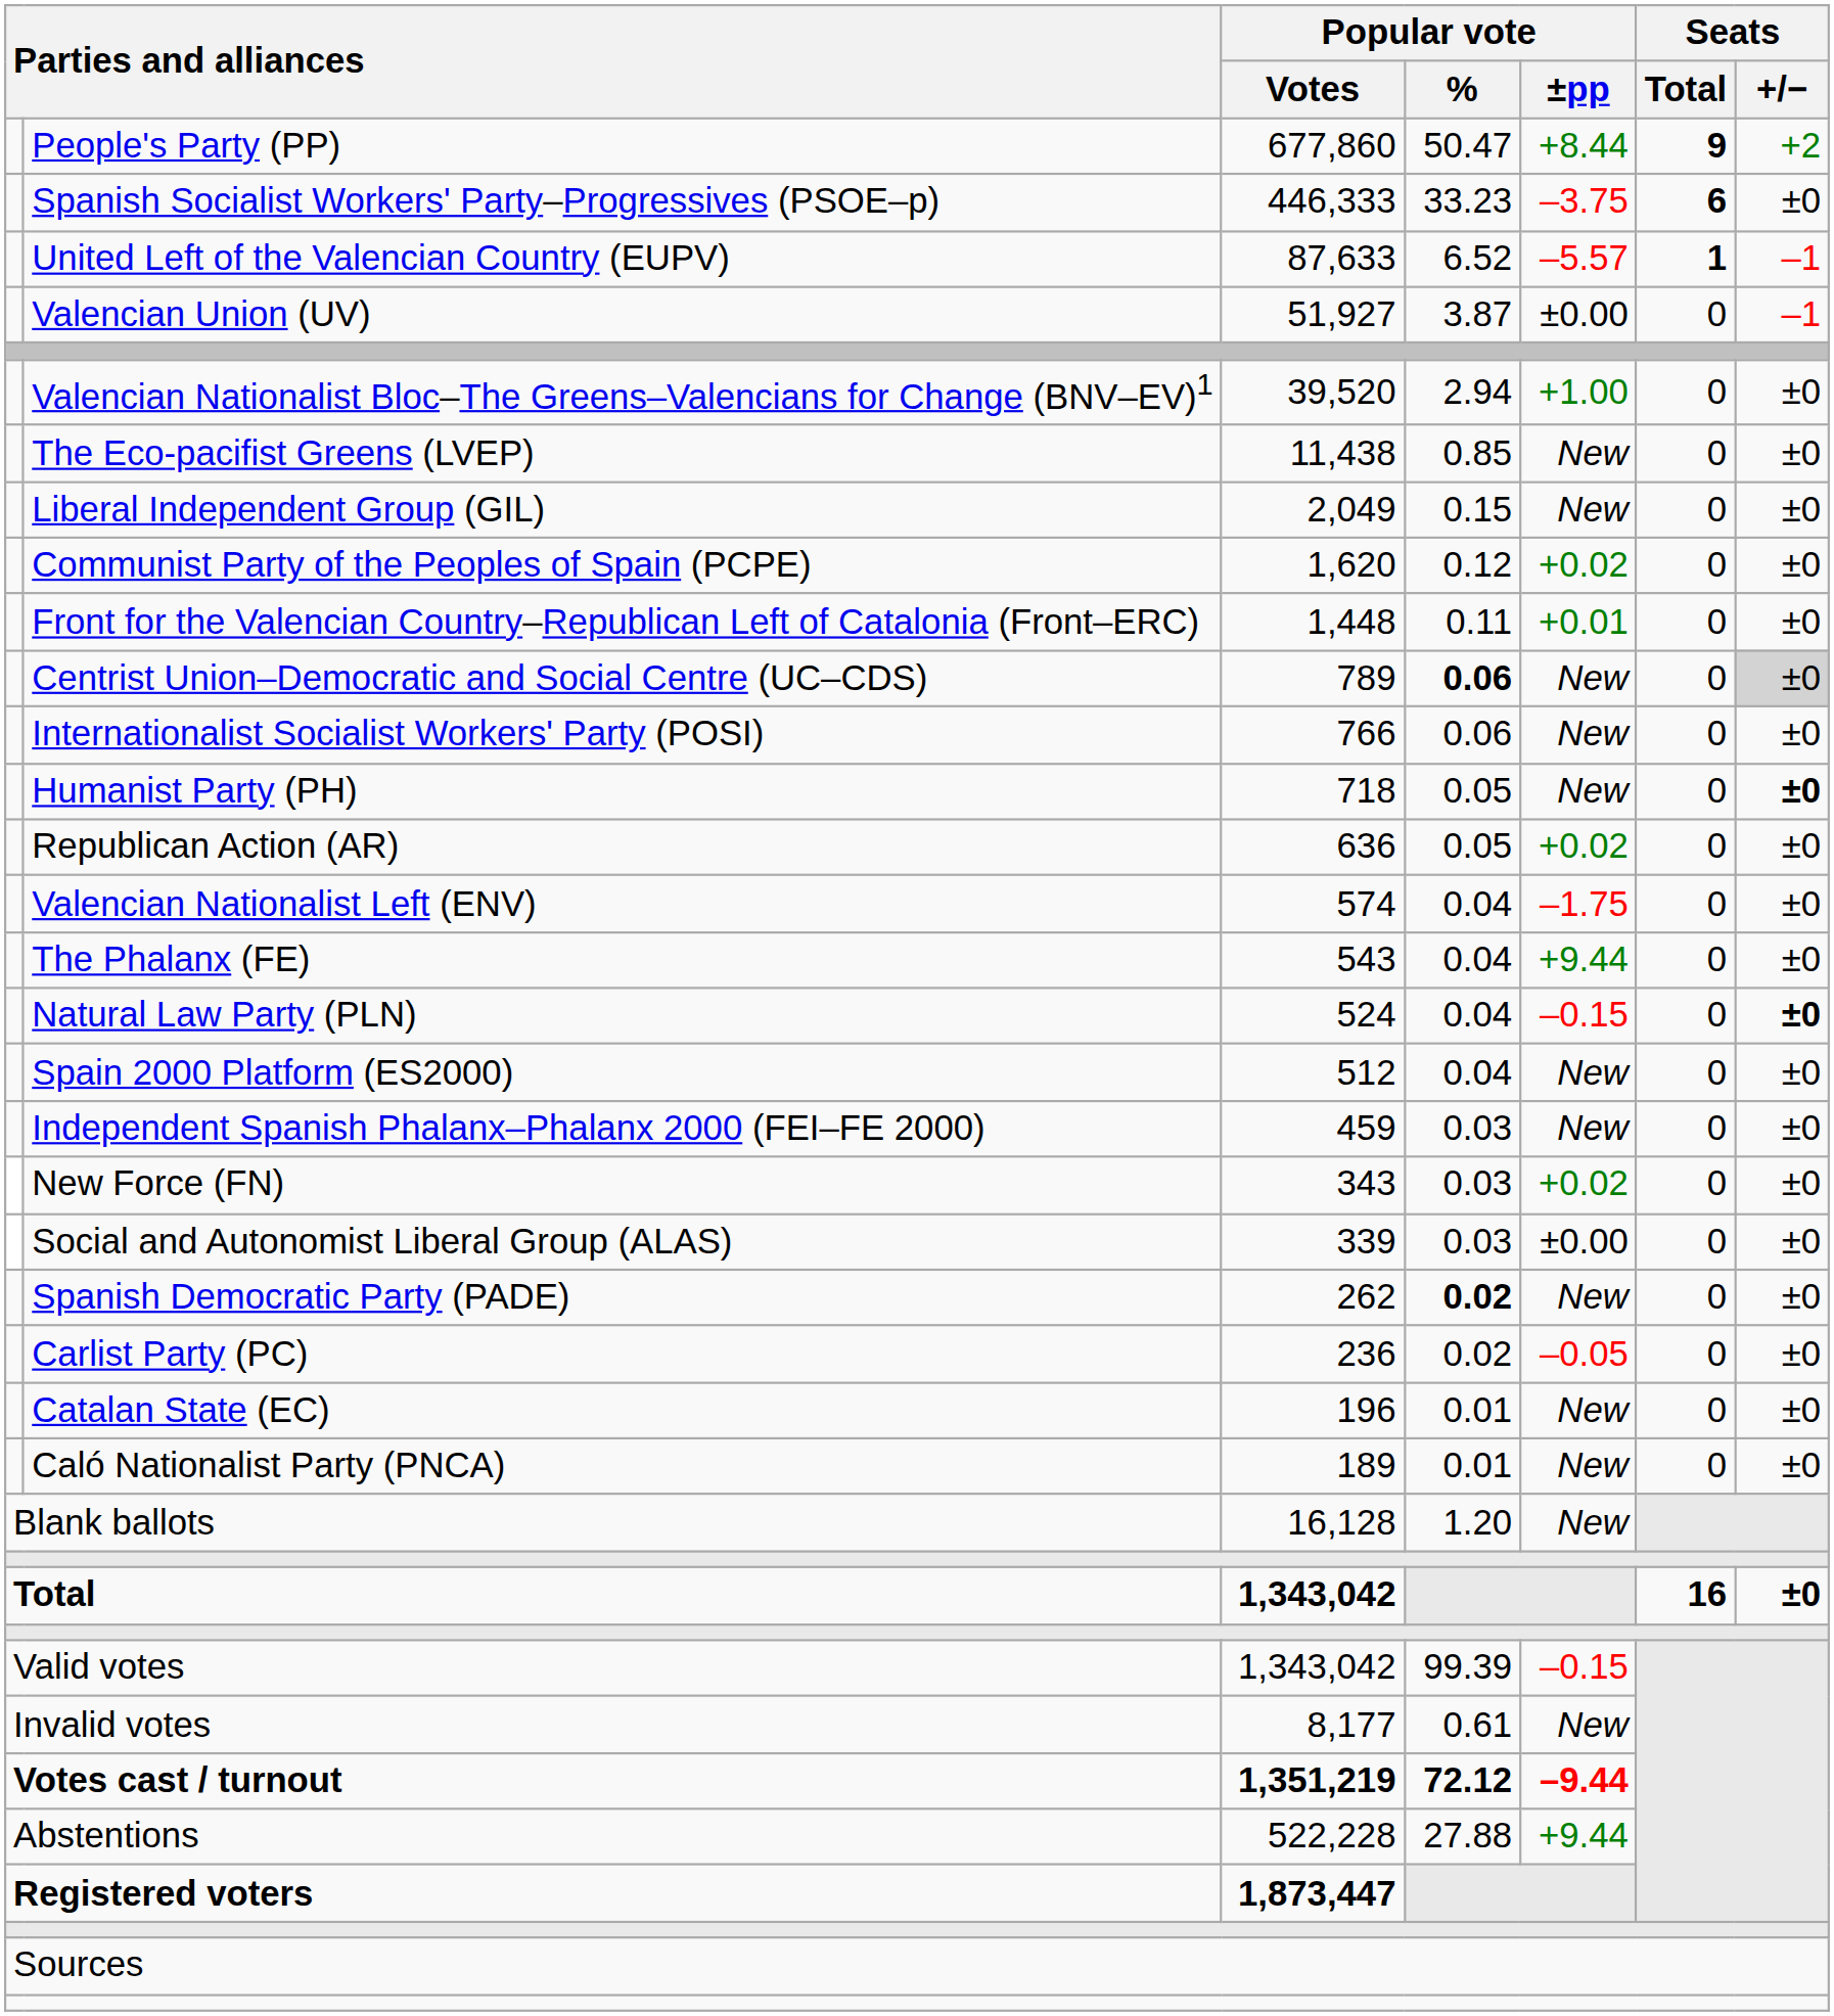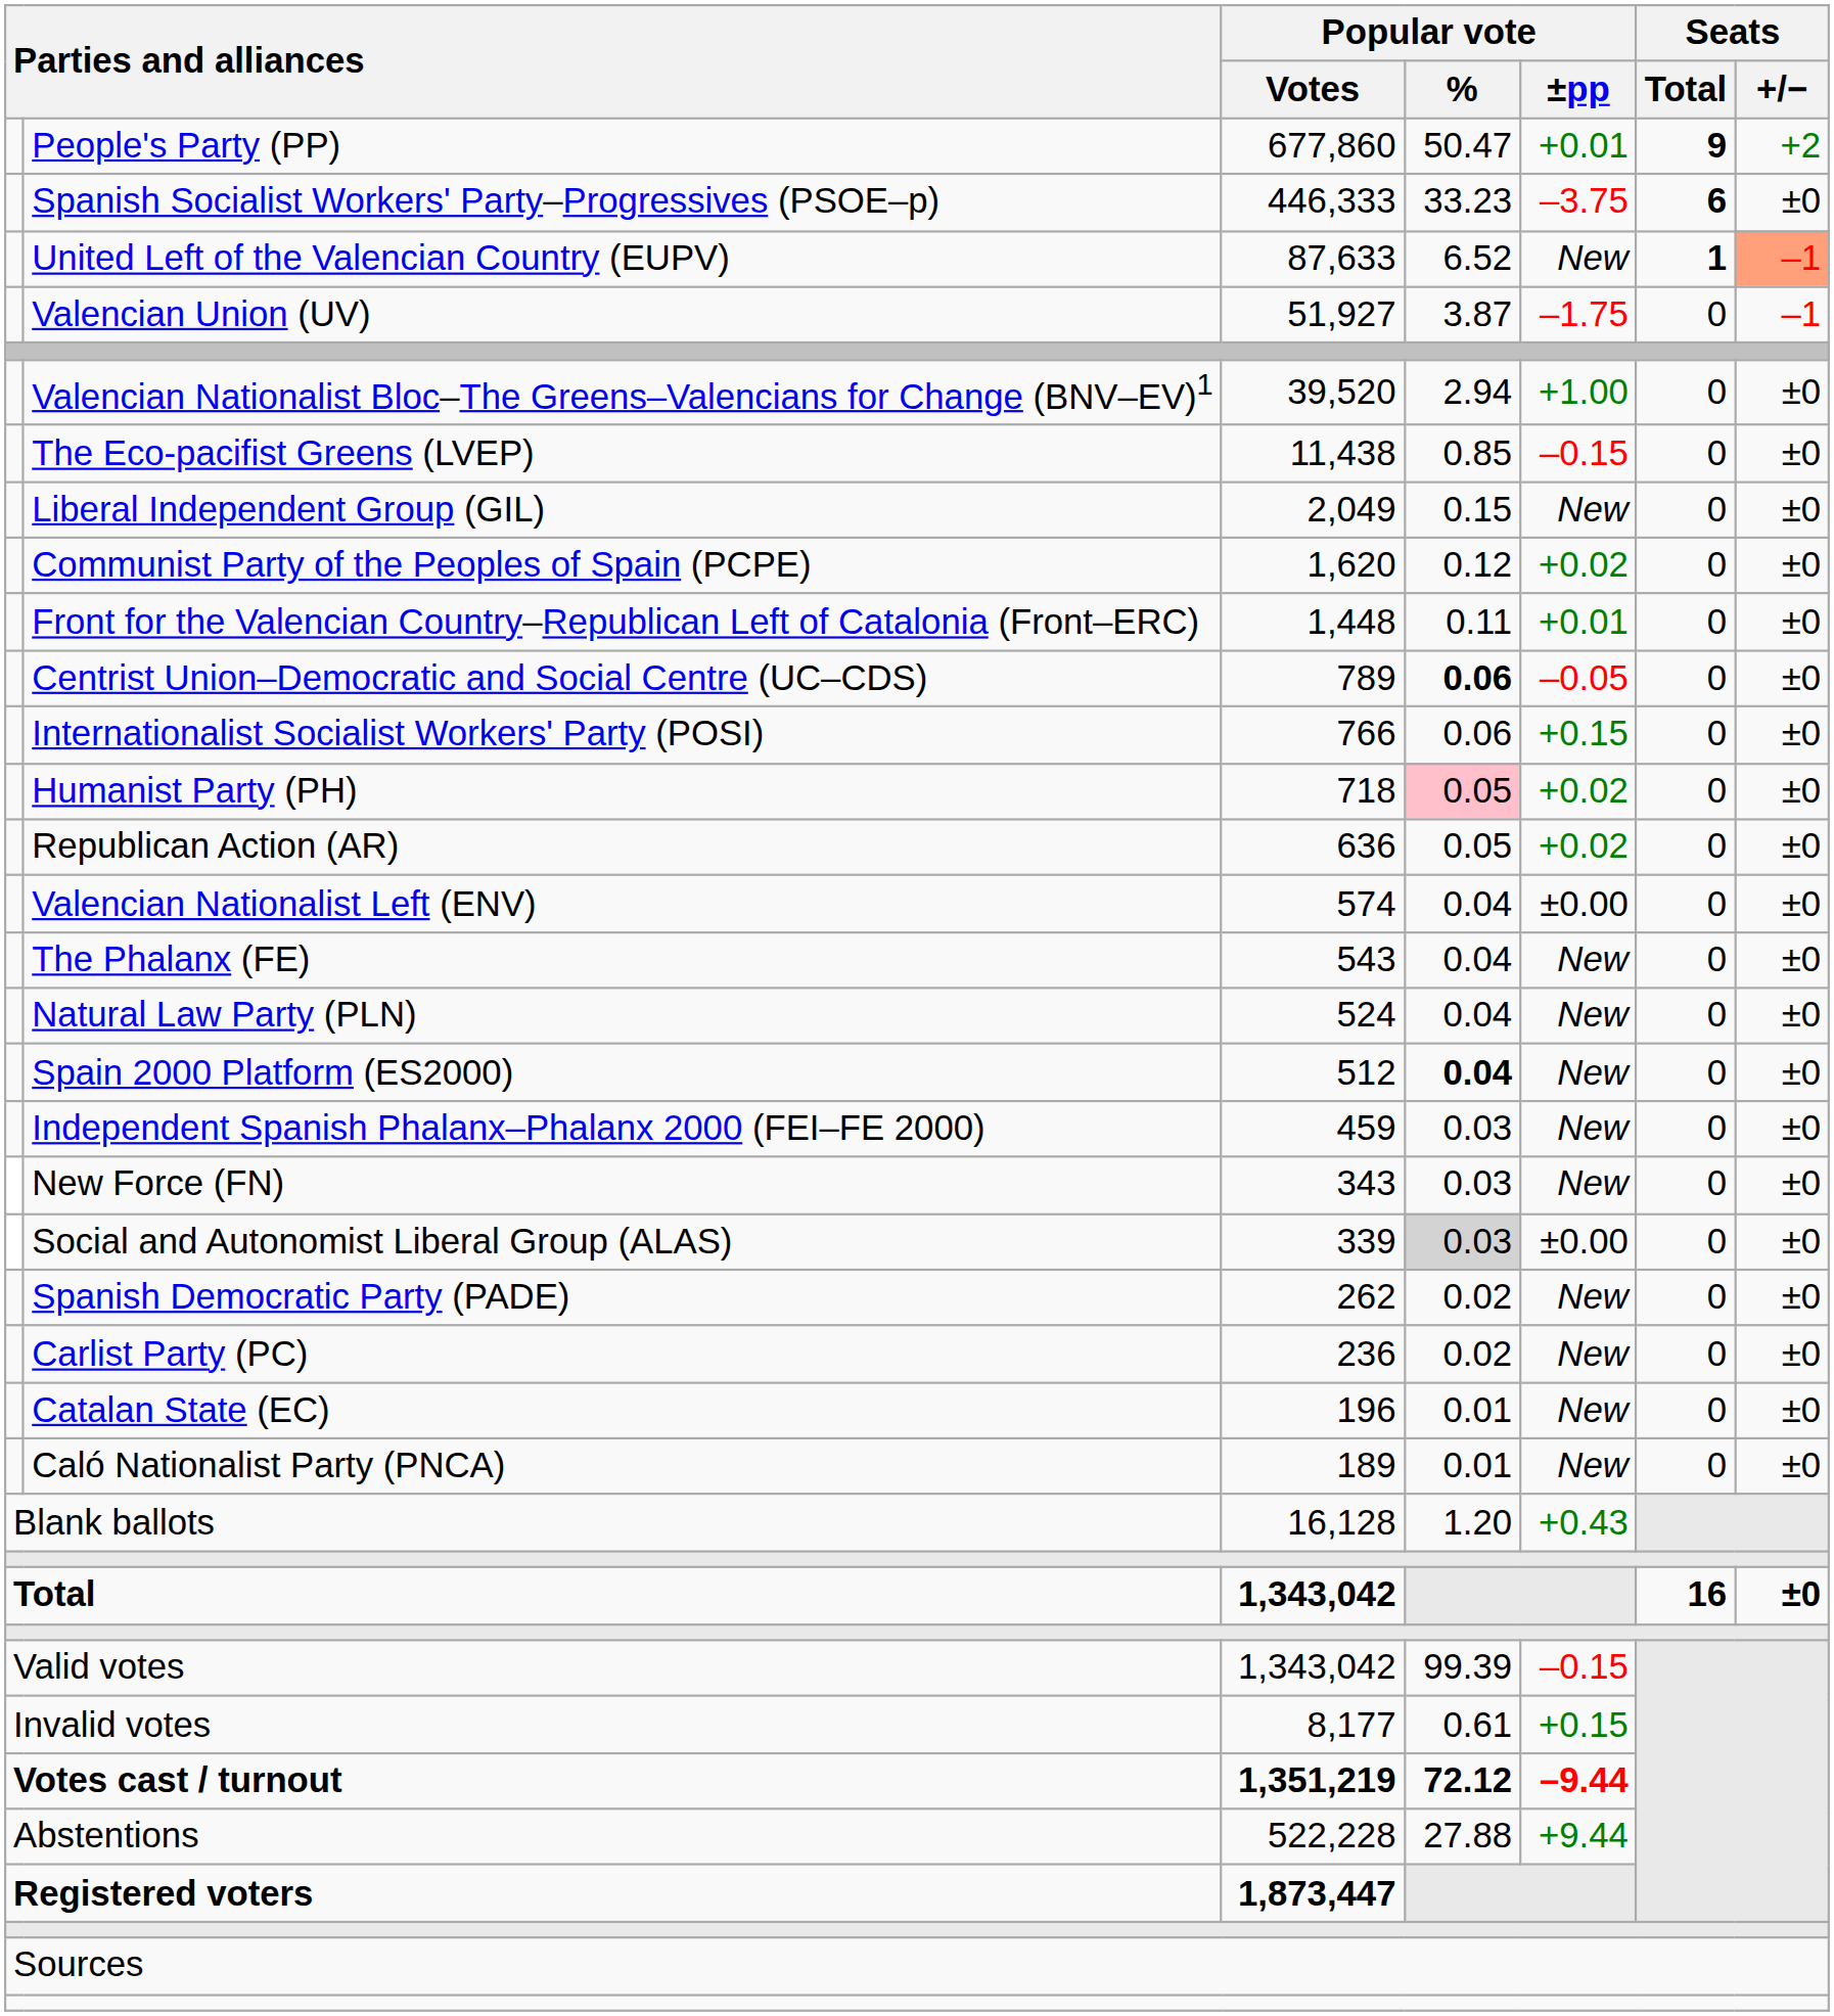 <table class="wikitable" style="text-align:right;">
 <tr>
 <th style="text-align:left;" rowspan="2" colspan="2" width="525">Parties and alliances</th>
 <th colspan="3">Popular vote</th>
 <th colspan="2">Seats</th>
 </tr>
 <tr>
 <th width="75">Votes</th>
 <th width="45">%</th>
 <th width="45">±<a href='#'>pp</a></th>
 <th width="35">Total</th>
 <th width="35">+/−</th>
 </tr>
 <tr>
 <td width="1" style="color:inherit;background:"></td>
 <td align="left"><a href='#'>People's Party</a> (PP)</td>
 <td>677,860</td>
 <td>50.47</td>
-<td style="color:green;">+8.44</td>
+<td style="color:green;">+0.01</td>
 <td><strong>9</strong></td>
 <td style="color:green;">+2</td>
 </tr>
 <tr>
 <td style="color:inherit;background:"></td>
 <td align="left"><a href='#'>Spanish Socialist Workers' Party</a>–<a href='#'>Progressives</a> (PSOE–p)</td>
 <td>446,333</td>
 <td>33.23</td>
 <td style="color:red;">–3.75</td>
 <td><strong>6</strong></td>
 <td>±0</td>
 </tr>
 <tr>
 <td style="color:inherit;background:"></td>
 <td align="left"><a href='#'>United Left of the Valencian Country</a> (EUPV)</td>
 <td>87,633</td>
 <td>6.52</td>
-<td style="color:red;">–5.57</td>
+<td><em>New</em></td>
 <td><strong>1</strong></td>
-<td style="color:red;">–1</td>
+<td style="background: lightsalmon; color:red;">–1</td>
 </tr>
 <tr>
 <td style="color:inherit;background:"></td>
 <td align="left"><a href='#'>Valencian Union</a> (UV)</td>
 <td>51,927</td>
 <td>3.87</td>
-<td>±0.00</td>
+<td style="color:red;">–1.75</td>
 <td>0</td>
 <td style="color:red;">–1</td>
 </tr>
 <tr>
 <td colspan="7" bgcolor="#C0C0C0"></td>
 </tr>
 <tr>
 <td style="color:inherit;background:"></td>
 <td align="left"><a href='#'>Valencian Nationalist Bloc</a>–<a href='#'>The Greens–Valencians for Change</a> (BNV–EV)<sup>1</sup></td>
 <td>39,520</td>
 <td>2.94</td>
 <td style="color:green;">+1.00</td>
 <td>0</td>
 <td>±0</td>
 </tr>
 <tr>
 <td style="color:inherit;background:"></td>
 <td align="left"><a href='#'>The Eco-pacifist Greens</a> (LVEP)</td>
 <td>11,438</td>
 <td>0.85</td>
-<td><em>New</em></td>
+<td style="color:red;">–0.15</td>
 <td>0</td>
 <td>±0</td>
 </tr>
 <tr>
 <td style="color:inherit;background:"></td>
 <td align="left"><a href='#'>Liberal Independent Group</a> (GIL)</td>
 <td>2,049</td>
 <td>0.15</td>
 <td><em>New</em></td>
 <td>0</td>
 <td>±0</td>
 </tr>
 <tr>
 <td style="color:inherit;background:"></td>
 <td align="left"><a href='#'>Communist Party of the Peoples of Spain</a> (PCPE)</td>
 <td>1,620</td>
 <td>0.12</td>
 <td style="color:green;">+0.02</td>
 <td>0</td>
 <td>±0</td>
 </tr>
 <tr>
 <td style="color:inherit;background:"></td>
 <td align="left"><a href='#'>Front for the Valencian Country</a>–<a href='#'>Republican Left of Catalonia</a> (Front–ERC)</td>
 <td>1,448</td>
 <td>0.11</td>
 <td style="color:green;">+0.01</td>
 <td>0</td>
 <td>±0</td>
 </tr>
 <tr>
 <td style="color:inherit;background:"></td>
 <td align="left"><a href='#'>Centrist Union–Democratic and Social Centre</a> (UC–CDS)</td>
 <td>789</td>
 <td><strong>0.06</strong></td>
-<td><em>New</em></td>
+<td style="color:red;">–0.05</td>
 <td>0</td>
-<td style="background: lightgrey;">±0</td>
+<td>±0</td>
 </tr>
 <tr>
 <td style="color:inherit;background:"></td>
 <td align="left"><a href='#'>Internationalist Socialist Workers' Party</a> (POSI)</td>
 <td>766</td>
 <td>0.06</td>
-<td><em>New</em></td>
+<td style="color:green;">+0.15</td>
 <td>0</td>
 <td>±0</td>
 </tr>
 <tr>
 <td style="color:inherit;background:"></td>
 <td align="left"><a href='#'>Humanist Party</a> (PH)</td>
 <td>718</td>
-<td>0.05</td>
-<td><em>New</em></td>
+<td style="background: pink;">0.05</td>
+<td style="color:green;">+0.02</td>
 <td>0</td>
-<td><strong>±0</strong></td>
+<td>±0</td>
 </tr>
 <tr>
 <td style="color:inherit;background:"></td>
 <td align="left">Republican Action (AR)</td>
 <td>636</td>
 <td>0.05</td>
 <td style="color:green;">+0.02</td>
 <td>0</td>
 <td>±0</td>
 </tr>
 <tr>
 <td style="color:inherit;background:"></td>
 <td align="left"><a href='#'>Valencian Nationalist Left</a> (ENV)</td>
 <td>574</td>
 <td>0.04</td>
-<td style="color:red;">–1.75</td>
+<td>±0.00</td>
 <td>0</td>
 <td>±0</td>
 </tr>
 <tr>
 <td style="color:inherit;background:"></td>
 <td align="left"><a href='#'>The Phalanx</a> (FE)</td>
 <td>543</td>
 <td>0.04</td>
-<td style="color:green;">+9.44</td>
+<td><em>New</em></td>
 <td>0</td>
 <td>±0</td>
 </tr>
 <tr>
 <td style="color:inherit;background:"></td>
 <td align="left"><a href='#'>Natural Law Party</a> (PLN)</td>
 <td>524</td>
 <td>0.04</td>
-<td style="color:red;">–0.15</td>
+<td><em>New</em></td>
 <td>0</td>
-<td><strong>±0</strong></td>
+<td>±0</td>
 </tr>
 <tr>
 <td style="color:inherit;background:"></td>
 <td align="left"><a href='#'>Spain 2000 Platform</a> (ES2000)</td>
 <td>512</td>
-<td>0.04</td>
+<td><strong>0.04</strong></td>
 <td><em>New</em></td>
 <td>0</td>
 <td>±0</td>
 </tr>
 <tr>
 <td style="color:inherit;background:"></td>
 <td align="left"><a href='#'>Independent Spanish Phalanx–Phalanx 2000</a> (FEI–FE 2000)</td>
 <td>459</td>
 <td>0.03</td>
 <td><em>New</em></td>
 <td>0</td>
 <td>±0</td>
 </tr>
 <tr>
 <td bgcolor="white"></td>
 <td align="left">New Force (FN)</td>
 <td>343</td>
 <td>0.03</td>
-<td style="color:green;">+0.02</td>
+<td><em>New</em></td>
 <td>0</td>
 <td>±0</td>
 </tr>
 <tr>
 <td bgcolor="white"></td>
 <td align="left">Social and Autonomist Liberal Group (ALAS)</td>
 <td>339</td>
-<td>0.03</td>
+<td style="background: lightgrey;">0.03</td>
 <td>±0.00</td>
 <td>0</td>
 <td>±0</td>
 </tr>
 <tr>
 <td style="color:inherit;background:"></td>
 <td align="left"><a href='#'>Spanish Democratic Party</a> (PADE)</td>
 <td>262</td>
-<td><strong>0.02</strong></td>
+<td>0.02</td>
 <td><em>New</em></td>
 <td>0</td>
 <td>±0</td>
 </tr>
 <tr>
 <td style="color:inherit;background:"></td>
 <td align="left"><a href='#'>Carlist Party</a> (PC)</td>
 <td>236</td>
 <td>0.02</td>
-<td style="color:red;">–0.05</td>
+<td><em>New</em></td>
 <td>0</td>
 <td>±0</td>
 </tr>
 <tr>
 <td style="color:inherit;background:"></td>
 <td align="left"><a href='#'>Catalan State</a> (EC)</td>
 <td>196</td>
 <td>0.01</td>
 <td><em>New</em></td>
 <td>0</td>
 <td>±0</td>
 </tr>
 <tr>
 <td style="color:inherit;background:"></td>
 <td align="left">Caló Nationalist Party (PNCA)</td>
 <td>189</td>
 <td>0.01</td>
 <td><em>New</em></td>
 <td>0</td>
 <td>±0</td>
 </tr>
 <tr>
 <td align="left" colspan="2">Blank ballots</td>
 <td>16,128</td>
 <td>1.20</td>
-<td><em>New</em></td>
+<td style="color:green;">+0.43</td>
 <td bgcolor="#E9E9E9" colspan="2"></td>
 </tr>
 <tr>
 <td colspan="7" bgcolor="#E9E9E9"></td>
 </tr>
 <tr style="font-weight:bold;">
 <td align="left" colspan="2">Total</td>
 <td>1,343,042</td>
 <td bgcolor="#E9E9E9" colspan="2"></td>
 <td>16</td>
 <td>±0</td>
 </tr>
 <tr>
 <td colspan="7" bgcolor="#E9E9E9"></td>
 </tr>
 <tr>
 <td align="left" colspan="2">Valid votes</td>
 <td>1,343,042</td>
 <td>99.39</td>
 <td style="color:red;">–0.15</td>
 <td bgcolor="#E9E9E9" colspan="2" rowspan="5"></td>
 </tr>
 <tr>
 <td align="left" colspan="2">Invalid votes</td>
 <td>8,177</td>
 <td>0.61</td>
-<td><em>New</em></td>
+<td style="color:green;">+0.15</td>
 </tr>
 <tr style="font-weight:bold;">
 <td align="left" colspan="2">Votes cast / turnout</td>
 <td>1,351,219</td>
 <td>72.12</td>
 <td style="color:red;">–9.44</td>
 </tr>
 <tr>
 <td align="left" colspan="2">Abstentions</td>
 <td>522,228</td>
 <td>27.88</td>
 <td style="color:green;">+9.44</td>
 </tr>
 <tr style="font-weight:bold;">
 <td align="left" colspan="2">Registered voters</td>
 <td>1,873,447</td>
 <td bgcolor="#E9E9E9" colspan="2"></td>
 </tr>
 <tr>
 <td colspan="7" bgcolor="#E9E9E9"></td>
 </tr>
 <tr>
 <td align="left" colspan="7">Sources</td>
 </tr>
 <tr>
 <td colspan="7" style="text-align:left; max-width:790px;"></td>
 </tr>
 </table>
